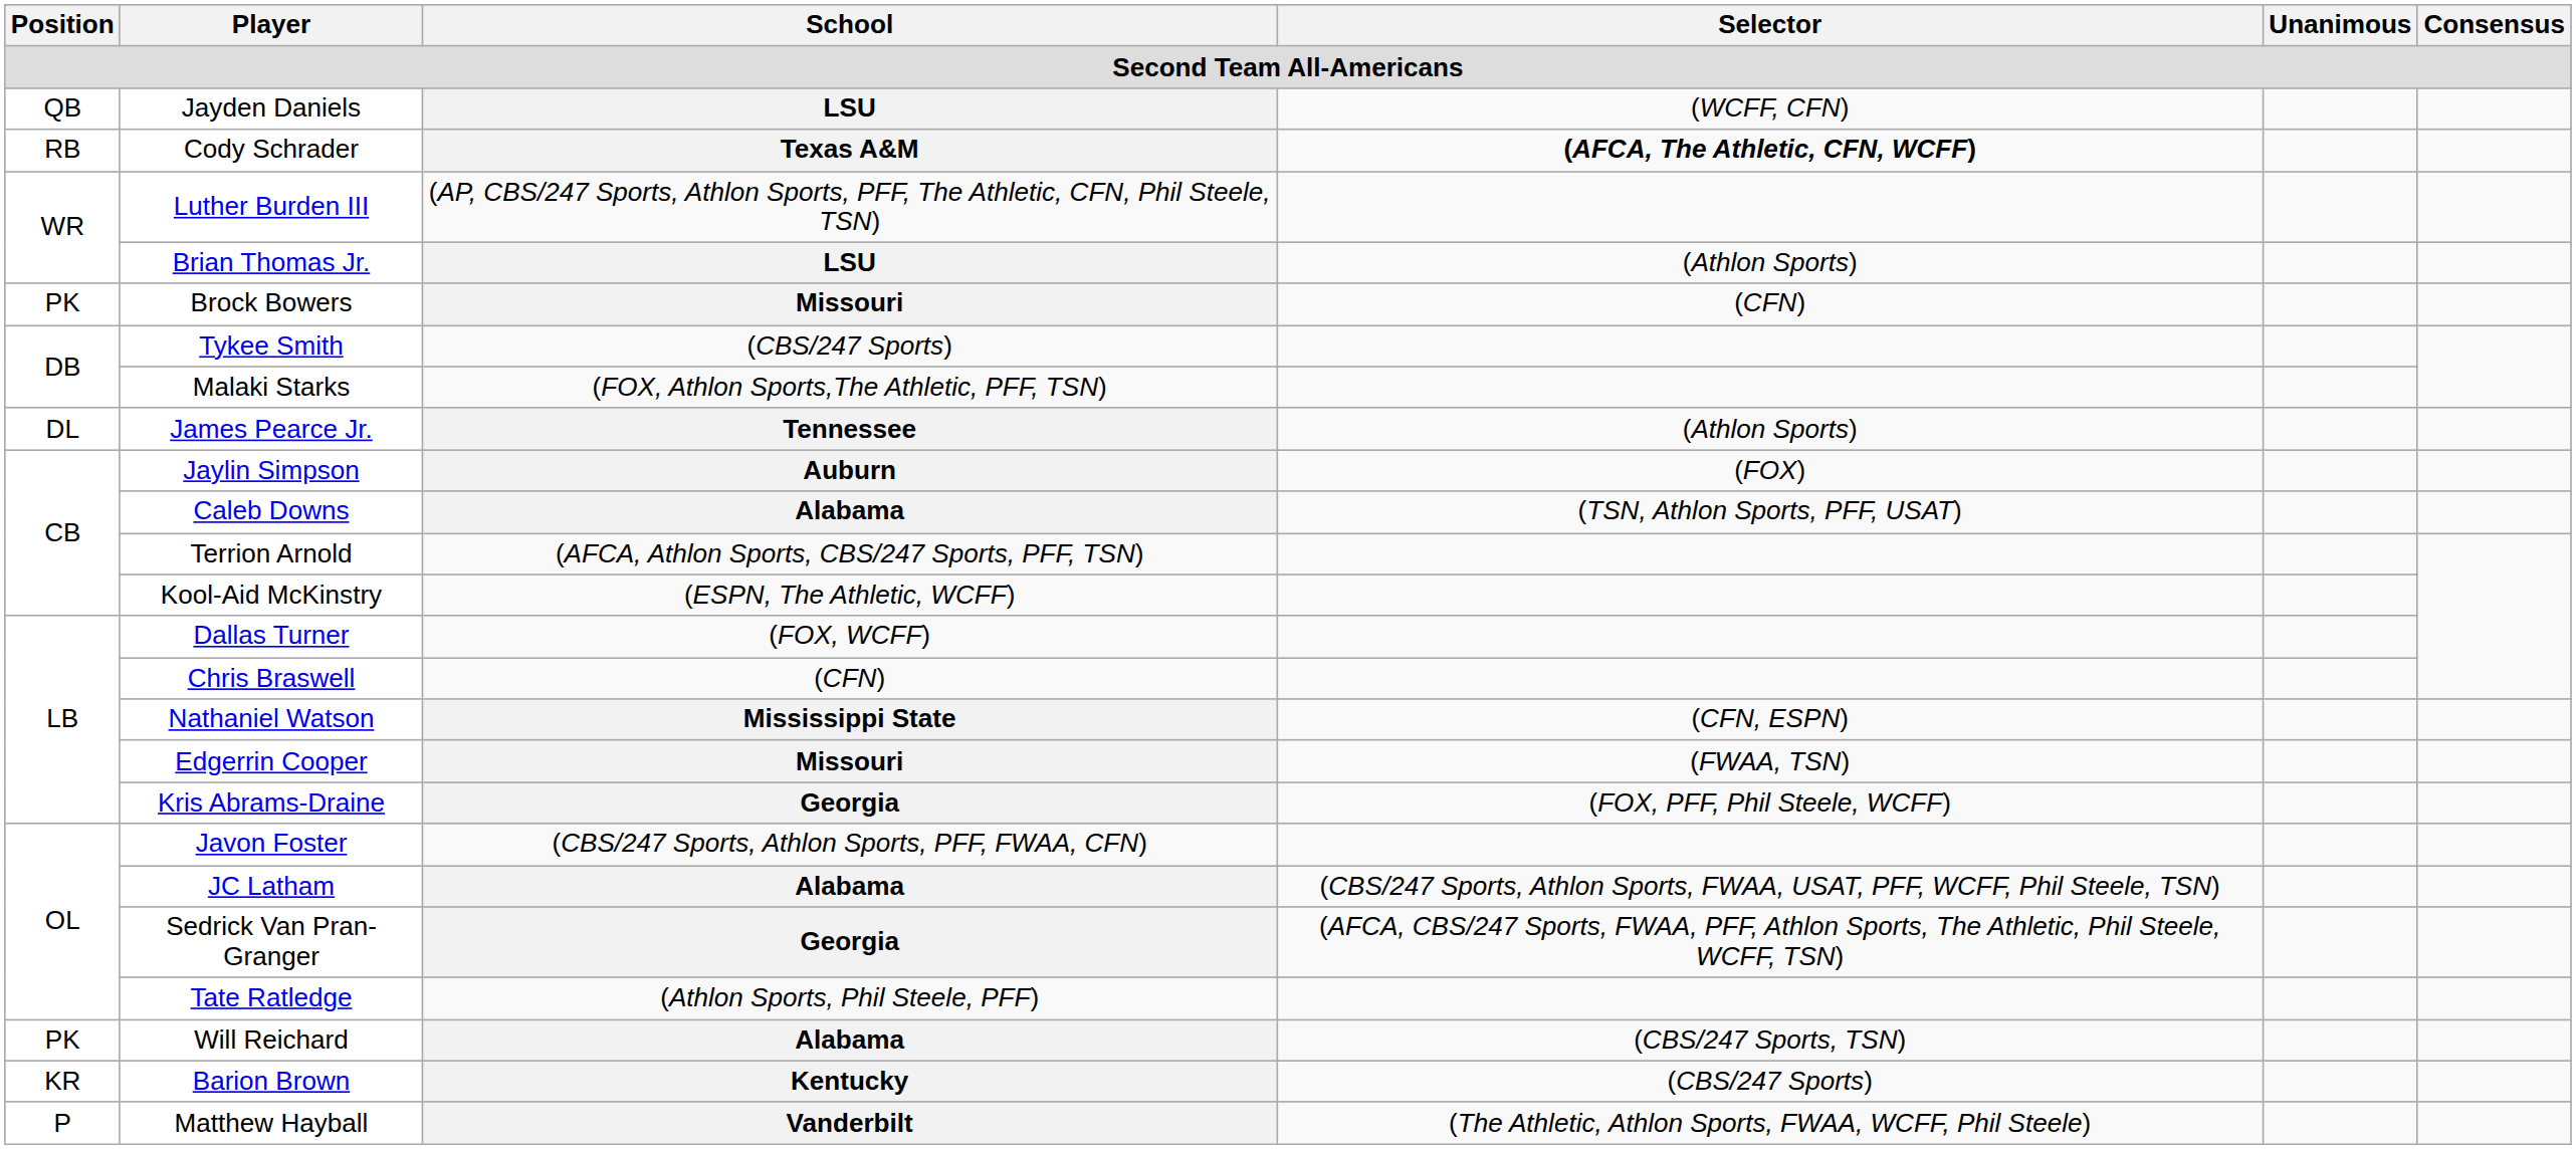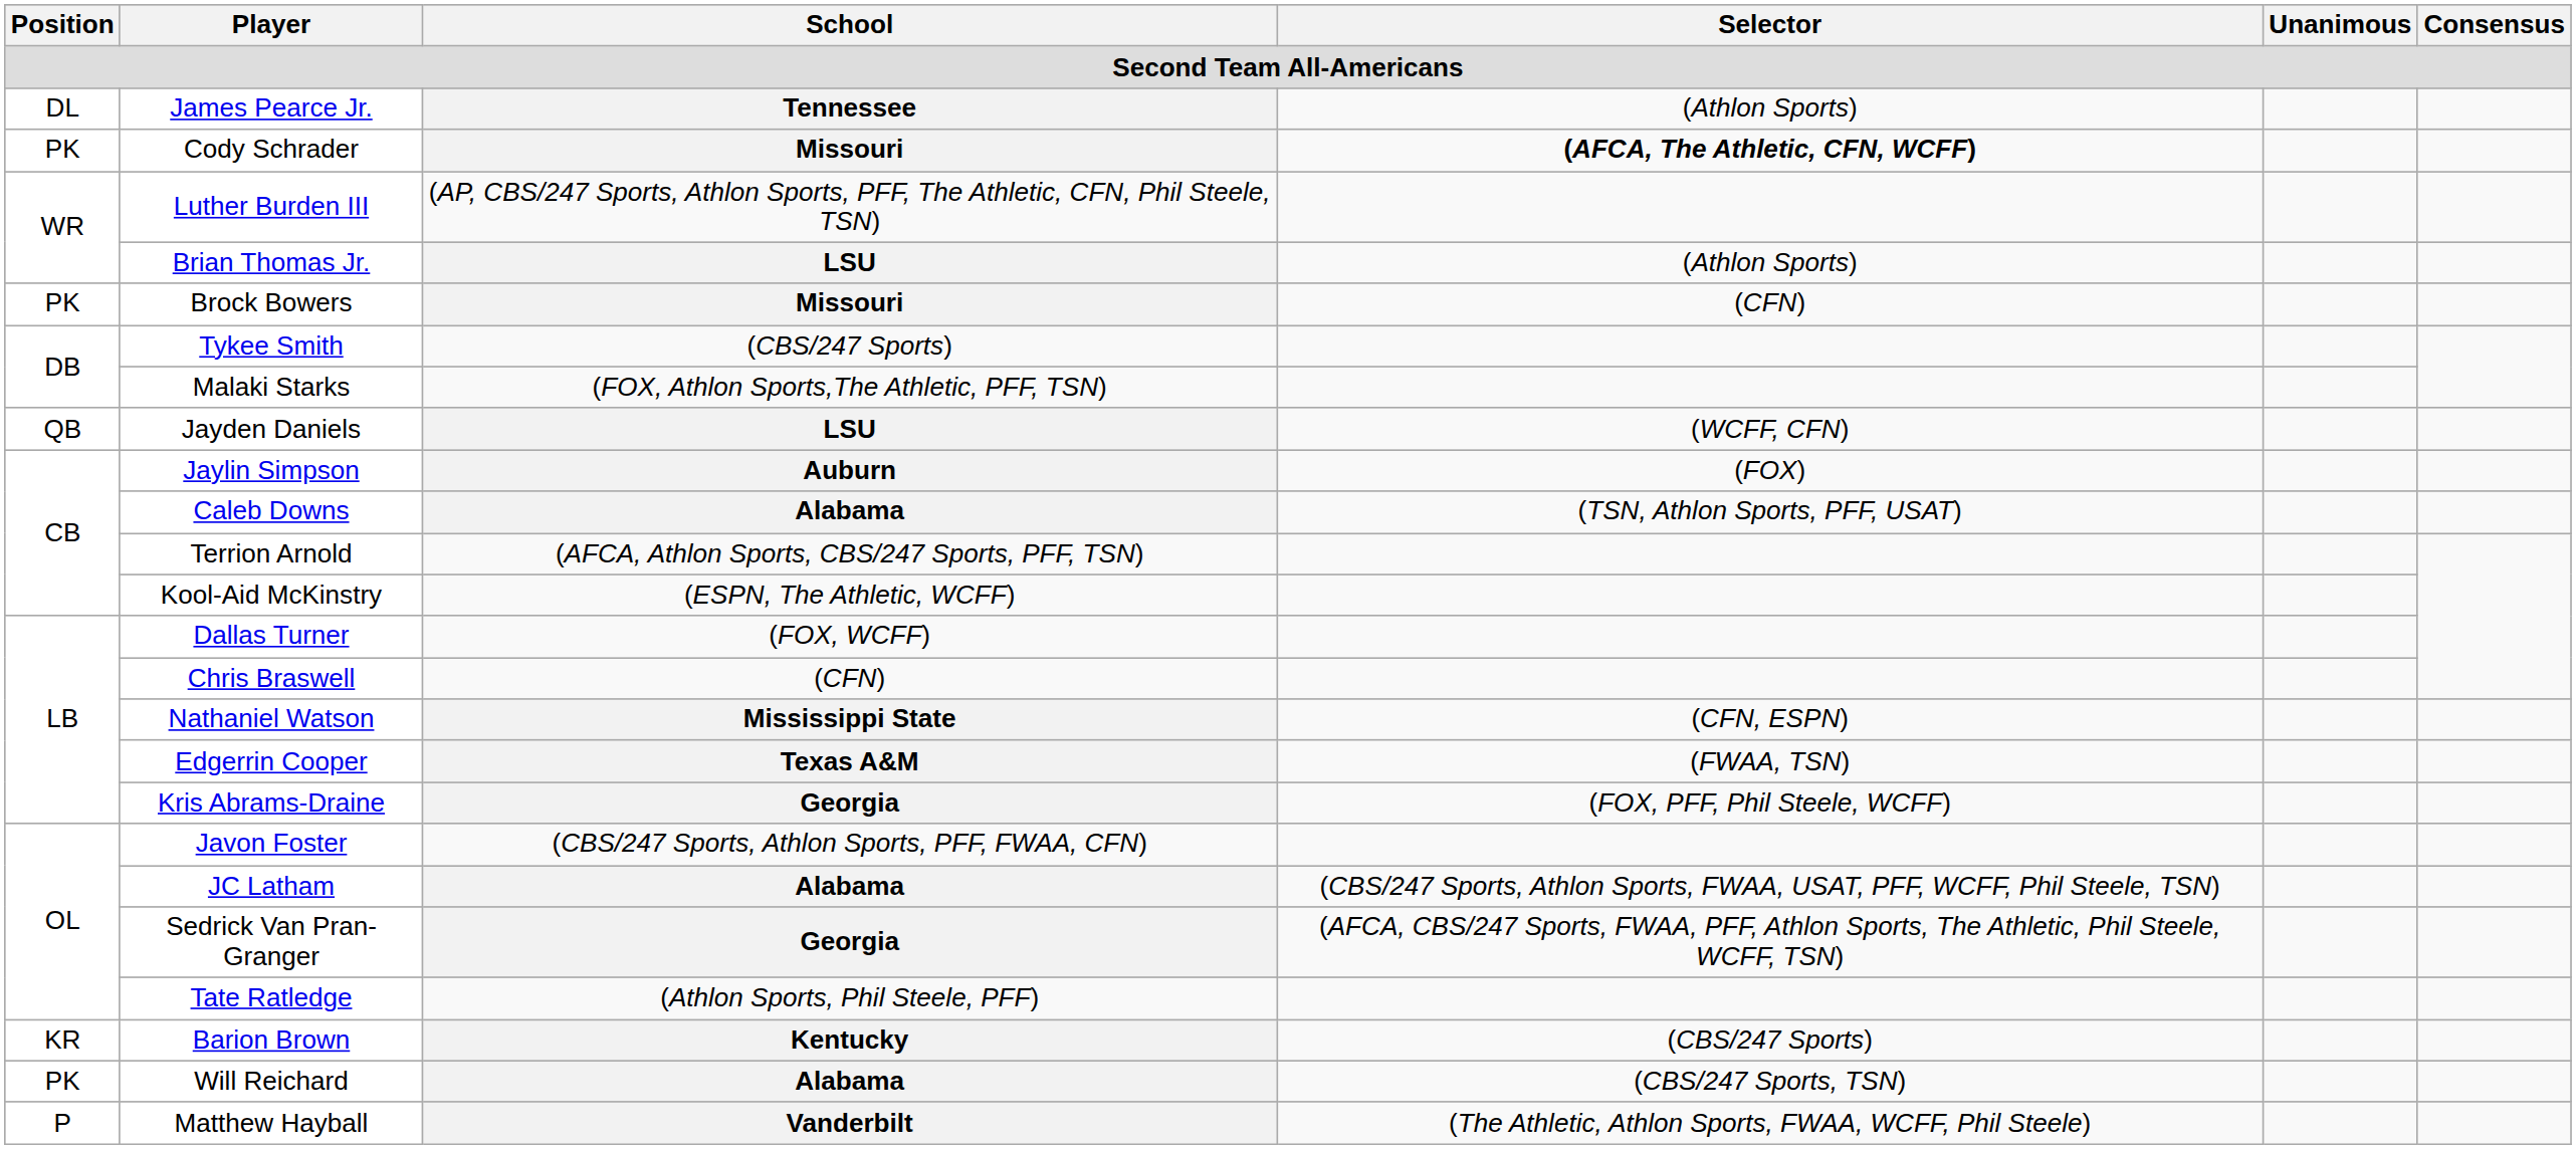 <table class="wikitable">
 <tr>
 <th>Position</th>
 <th>Player</th>
 <th>School</th>
 <th>Selector</th>
 <th>Unanimous</th>
 <th>Consensus</th>
 </tr>
 <tr>
 <td colspan="6" style="text-align:center; background:#ddd;"><strong>Second Team All-Americans</strong></td>
 </tr>
 <tr style="text-align:center;">
-<td style="background:white">QB</td>
-<td style="background:white">Jayden Daniels</td>
-<th>LSU</th>
-<td>(<em>WCFF, CFN</em>)</td>
+<td style="background:white">DL</td>
+<td style="background:white"><a href='#'>James Pearce Jr.</a></td>
+<th>Tennessee</th>
+<td>(<em>Athlon Sports</em>)</td>
 <td></td>
 <td></td>
 </tr>
 <tr style="text-align:center;">
-<td style="background:white">RB</td>
+<td style="background:white">PK</td>
 <td style="background:white">Cody Schrader</td>
-<th>Texas A&M</th>
+<th>Missouri</th>
 <td><strong>(<em>AFCA, The Athletic, CFN, WCFF</em>)</strong></td>
 <td></td>
 <td></td>
 </tr>
 <tr style="text-align:center;">
 <td style="background:white" rowspan=2>WR</td>
 <td style="background:white"><a href='#'>Luther Burden III</a></td>
 <td>(<em>AP, CBS/247 Sports, Athlon Sports, PFF, The Athletic, CFN, Phil Steele, TSN</em>)</td>
 <td></td>
 <td></td>
 </tr>
 <tr style="text-align:center;">
 <td style="background:white"><a href='#'>Brian Thomas Jr.</a></td>
 <th>LSU</th>
 <td>(<em>Athlon Sports</em>)</td>
 <td></td>
 <td></td>
 </tr>
 <tr style="text-align:center;">
 <td style="background:white">PK</td>
 <td style="background:white">Brock Bowers</td>
 <th>Missouri</th>
 <td>(<em>CFN</em>)</td>
 <td></td>
 <td></td>
 </tr>
 <tr style="text-align:center;">
 <td style="background:white" rowspan=2>DB</td>
 <td style="background:white"><a href='#'>Tykee Smith</a></td>
 <td>(<em>CBS/247 Sports</em>)</td>
 <td></td>
 <td></td>
 </tr>
 <tr style="text-align:center;">
 <td style="background:white">Malaki Starks</td>
 <td>(<em>FOX, Athlon Sports,The Athletic, PFF, TSN</em>)</td>
 <td></td>
 <td></td>
 </tr>
 <tr style="text-align:center;">
-<td style="background:white">DL</td>
-<td style="background:white"><a href='#'>James Pearce Jr.</a></td>
-<th>Tennessee</th>
-<td>(<em>Athlon Sports</em>)</td>
+<td style="background:white">QB</td>
+<td style="background:white">Jayden Daniels</td>
+<th>LSU</th>
+<td>(<em>WCFF, CFN</em>)</td>
 <td></td>
 <td></td>
 </tr>
 <tr style="text-align:center;">
 <td style="background:white" rowspan=4>CB</td>
 <td style="background:white"><a href='#'>Jaylin Simpson</a></td>
 <th>Auburn</th>
 <td>(<em>FOX</em>)</td>
 <td></td>
 <td></td>
 </tr>
 <tr style="text-align:center;">
 <td style="background:white"><a href='#'>Caleb Downs</a></td>
 <th>Alabama</th>
 <td>(<em>TSN, Athlon Sports, PFF, USAT</em>)</td>
 <td></td>
 <td></td>
 </tr>
 <tr style="text-align:center;">
 <td style="background:white">Terrion Arnold</td>
 <td>(<em>AFCA, Athlon Sports, CBS/247 Sports, PFF, TSN</em>)</td>
 <td></td>
 <td></td>
 </tr>
 <tr style="text-align:center;">
 <td style="background:white">Kool-Aid McKinstry</td>
 <td>(<em>ESPN, The Athletic, WCFF</em>)</td>
 <td></td>
 <td></td>
 </tr>
 <tr style="text-align:center;">
 <td style="background:white" rowspan=5>LB</td>
 <td style="background:white"><a href='#'>Dallas Turner</a></td>
 <td>(<em>FOX, WCFF</em>)</td>
 <td></td>
 <td></td>
 </tr>
 <tr style="text-align:center;">
 <td style="background:white"><a href='#'>Chris Braswell</a></td>
 <td>(<em>CFN</em>)</td>
 <td></td>
 <td></td>
 </tr>
 <tr style="text-align:center;">
 <td style="background:white"><a href='#'>Nathaniel Watson</a></td>
 <th>Mississippi State</th>
 <td>(<em>CFN, ESPN</em>)</td>
 <td></td>
 <td></td>
 </tr>
 <tr style="text-align:center;">
 <td style="background:white"><a href='#'>Edgerrin Cooper</a></td>
-<th>Missouri</th>
+<th>Texas A&M</th>
 <td>(<em>FWAA, TSN</em>)</td>
 <td></td>
 <td></td>
 </tr>
 <tr style="text-align:center;">
 <td style="background:white"><a href='#'>Kris Abrams-Draine</a></td>
 <th>Georgia</th>
 <td>(<em>FOX, PFF, Phil Steele, WCFF</em>)</td>
 <td></td>
 <td></td>
 </tr>
 <tr style="text-align:center;">
 <td style="background:white" rowspan=4>OL</td>
 <td style="background:white"><a href='#'>Javon Foster</a></td>
 <td>(<em>CBS/247 Sports, Athlon Sports, PFF, FWAA, CFN</em>)</td>
 <td></td>
 <td></td>
 </tr>
 <tr style="text-align:center;">
 <td style="background:white"><a href='#'>JC Latham</a></td>
 <th>Alabama</th>
 <td>(<em>CBS/247 Sports, Athlon Sports, FWAA, USAT, PFF, WCFF, Phil Steele, TSN</em>)</td>
 <td></td>
 <td></td>
 </tr>
 <tr style="text-align:center;">
 <td style="background:white">Sedrick Van Pran-Granger</td>
 <th>Georgia</th>
 <td>(<em>AFCA, CBS/247 Sports, FWAA, PFF, Athlon Sports, The Athletic, Phil Steele, WCFF, TSN</em>)</td>
 <td></td>
 <td></td>
 </tr>
 <tr style="text-align:center;">
 <td style="background:white"><a href='#'>Tate Ratledge</a></td>
 <td>(<em>Athlon Sports, Phil Steele, PFF</em>)</td>
 <td></td>
 <td></td>
 </tr>
 <tr style="text-align:center;">
+<td style="background:white">KR</td>
+<td style="background:white"><a href='#'>Barion Brown</a></td>
+<th>Kentucky</th>
+<td>(<em>CBS/247 Sports</em>)</td>
+<td></td>
+<td></td>
+</tr>
+<tr style="text-align:center;">
 <td style="background:white">PK</td>
 <td style="background:white">Will Reichard</td>
 <th>Alabama</th>
 <td>(<em>CBS/247 Sports, TSN</em>)</td>
-<td></td>
-<td></td>
-</tr>
-<tr style="text-align:center;">
-<td style="background:white">KR</td>
-<td style="background:white"><a href='#'>Barion Brown</a></td>
-<th>Kentucky</th>
-<td>(<em>CBS/247 Sports</em>)</td>
 <td></td>
 <td></td>
 </tr>
 <tr style="text-align:center;">
 <td style="background:white">P</td>
 <td style="background:white">Matthew Hayball</td>
 <th>Vanderbilt</th>
 <td>(<em>The Athletic, Athlon Sports, FWAA, WCFF, Phil Steele</em>)</td>
 <td></td>
 <td></td>
 </tr>
 </table>
